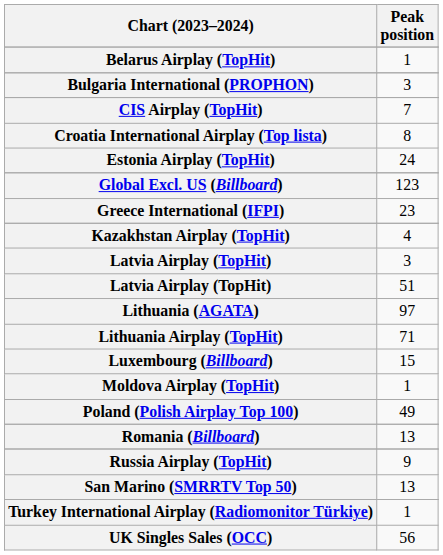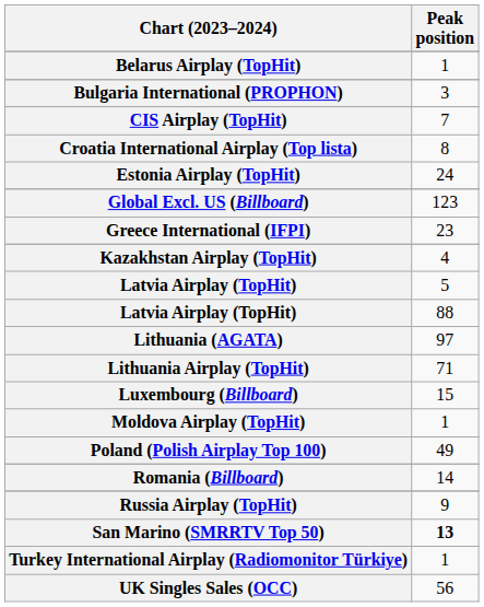 <table class="wikitable sortable plainrowheaders" style="text-align:center">
 <tr>
 <th scope="col">Chart (2023–2024)</th>
 <th scope="col">Peak<br>position</th>
 </tr>
 <tr>
 </tr>
 <tr>
 <th scope="row">Belarus Airplay (<a href='#'>TopHit</a>)</th>
 <td>1</td>
 </tr>
 <tr>
 </tr>
 <tr>
 </tr>
 <tr>
 <th scope="row">Bulgaria International (<a href='#'>PROPHON</a>)</th>
 <td>3</td>
 </tr>
 <tr>
 </tr>
 <tr>
 <th scope="row"><a href='#'>CIS</a> Airplay (<a href='#'>TopHit</a>)</th>
 <td>7</td>
 </tr>
 <tr>
 <th scope="row">Croatia International Airplay (<a href='#'>Top lista</a>)</th>
 <td>8</td>
 </tr>
 <tr>
 <th scope="row">Estonia Airplay (<a href='#'>TopHit</a>)</th>
 <td>24</td>
 </tr>
 <tr>
 </tr>
 <tr>
 </tr>
 <tr>
 <th scope="row"><a href='#'>Global Excl. US</a> (<em><a href='#'>Billboard</a></em>)</th>
 <td>123</td>
 </tr>
 <tr>
 <th scope="row">Greece International (<a href='#'>IFPI</a>)</th>
 <td>23</td>
 </tr>
 <tr>
 </tr>
 <tr>
 </tr>
 <tr>
 <th scope="row">Kazakhstan Airplay (<a href='#'>TopHit</a>)</th>
 <td>4</td>
 </tr>
 <tr>
 <th scope="row">Latvia Airplay (<a href='#'>TopHit</a>)</th>
-<td>3</td>
+<td>5</td>
 </tr>
 <tr>
 <th scope="row">Latvia Airplay (TopHit)<br></th>
-<td>51</td>
+<td>88</td>
 </tr>
 <tr>
 <th scope="row">Lithuania (<a href='#'>AGATA</a>)</th>
 <td>97</td>
 </tr>
 <tr>
 <th scope="row">Lithuania Airplay (<a href='#'>TopHit</a>)</th>
 <td>71</td>
 </tr>
 <tr>
 <th scope="row">Luxembourg (<em><a href='#'>Billboard</a></em>)</th>
 <td>15</td>
 </tr>
 <tr>
 <th scope="row">Moldova Airplay (<a href='#'>TopHit</a>)</th>
 <td>1</td>
 </tr>
 <tr>
 </tr>
 <tr>
 </tr>
 <tr>
 <th scope="row">Poland (<a href='#'>Polish Airplay Top 100</a>)</th>
 <td>49</td>
 </tr>
 <tr>
 </tr>
 <tr>
 <th scope="row">Romania (<em><a href='#'>Billboard</a></em>)</th>
-<td>13</td>
+<td>14</td>
 </tr>
 <tr>
 </tr>
 <tr>
 </tr>
 <tr>
 <th scope="row">Russia Airplay (<a href='#'>TopHit</a>)</th>
 <td>9</td>
 </tr>
 <tr>
 <th scope="row">San Marino (<a href='#'>SMRRTV Top 50</a>)</th>
-<td>13</td>
+<td><strong>13</strong></td>
 </tr>
 <tr>
 </tr>
 <tr>
 <th scope="row">Turkey International Airplay (<a href='#'>Radiomonitor Türkiye</a>)</th>
 <td>1</td>
 </tr>
 <tr>
 <th scope="row">UK Singles Sales (<a href='#'>OCC</a>)</th>
 <td>56</td>
 </tr>
 </table>
